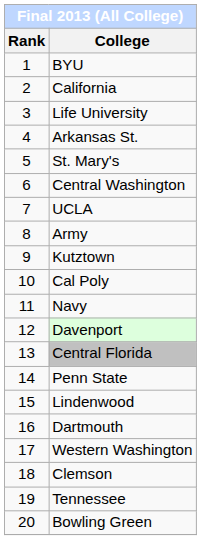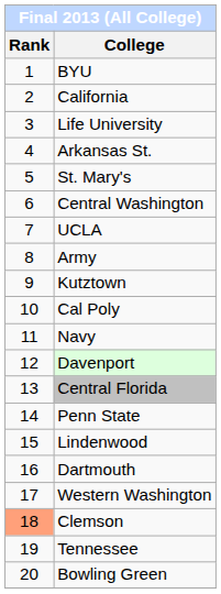 <table class="wikitable sortable collapsible collapsed">
 <tr>
 <th colspan=2 style="background:#BFD7FF;color:white">Final 2013 (All College)</th>
 </tr>
 <tr>
 <th>Rank</th>
 <th>College</th>
 </tr>
 <tr>
 <td align="center ">1</td>
 <td>BYU</td>
 </tr>
 <tr>
 <td align="center ">2</td>
 <td>California</td>
 </tr>
 <tr>
 <td align="center ">3</td>
 <td>Life University</td>
 </tr>
 <tr>
 <td align="center ">4</td>
 <td>Arkansas St.</td>
 </tr>
 <tr>
 <td align="center ">5</td>
 <td>St. Mary's</td>
 </tr>
 <tr>
 <td align="center ">6</td>
 <td>Central Washington</td>
 </tr>
 <tr>
 <td align="center ">7</td>
 <td>UCLA</td>
 </tr>
 <tr>
 <td align="center ">8</td>
 <td>Army</td>
 </tr>
 <tr>
 <td align="center ">9</td>
 <td>Kutztown</td>
 </tr>
 <tr>
 <td align="center ">10</td>
 <td>Cal Poly</td>
 </tr>
 <tr>
 <td align="center ">11</td>
 <td>Navy</td>
 </tr>
 <tr>
 <td align="center ">12</td>
 <td style="background:#dfd;">Davenport</td>
 </tr>
 <tr>
 <td align="center ">13</td>
 <td style="background:silver">Central Florida</td>
 </tr>
 <tr>
 <td align="center ">14</td>
 <td>Penn State</td>
 </tr>
 <tr>
 <td align="center ">15</td>
 <td>Lindenwood</td>
 </tr>
 <tr>
 <td align="center ">16</td>
 <td>Dartmouth</td>
 </tr>
 <tr>
 <td align="center ">17</td>
 <td>Western Washington</td>
 </tr>
 <tr>
-<td align="center ">18</td>
+<td align="center " style="background: lightsalmon;">18</td>
 <td>Clemson</td>
 </tr>
 <tr>
 <td align="center ">19</td>
 <td>Tennessee</td>
 </tr>
 <tr>
 <td align="center ">20</td>
 <td>Bowling Green</td>
 </tr>
 <tr>
 </tr>
 </table>
